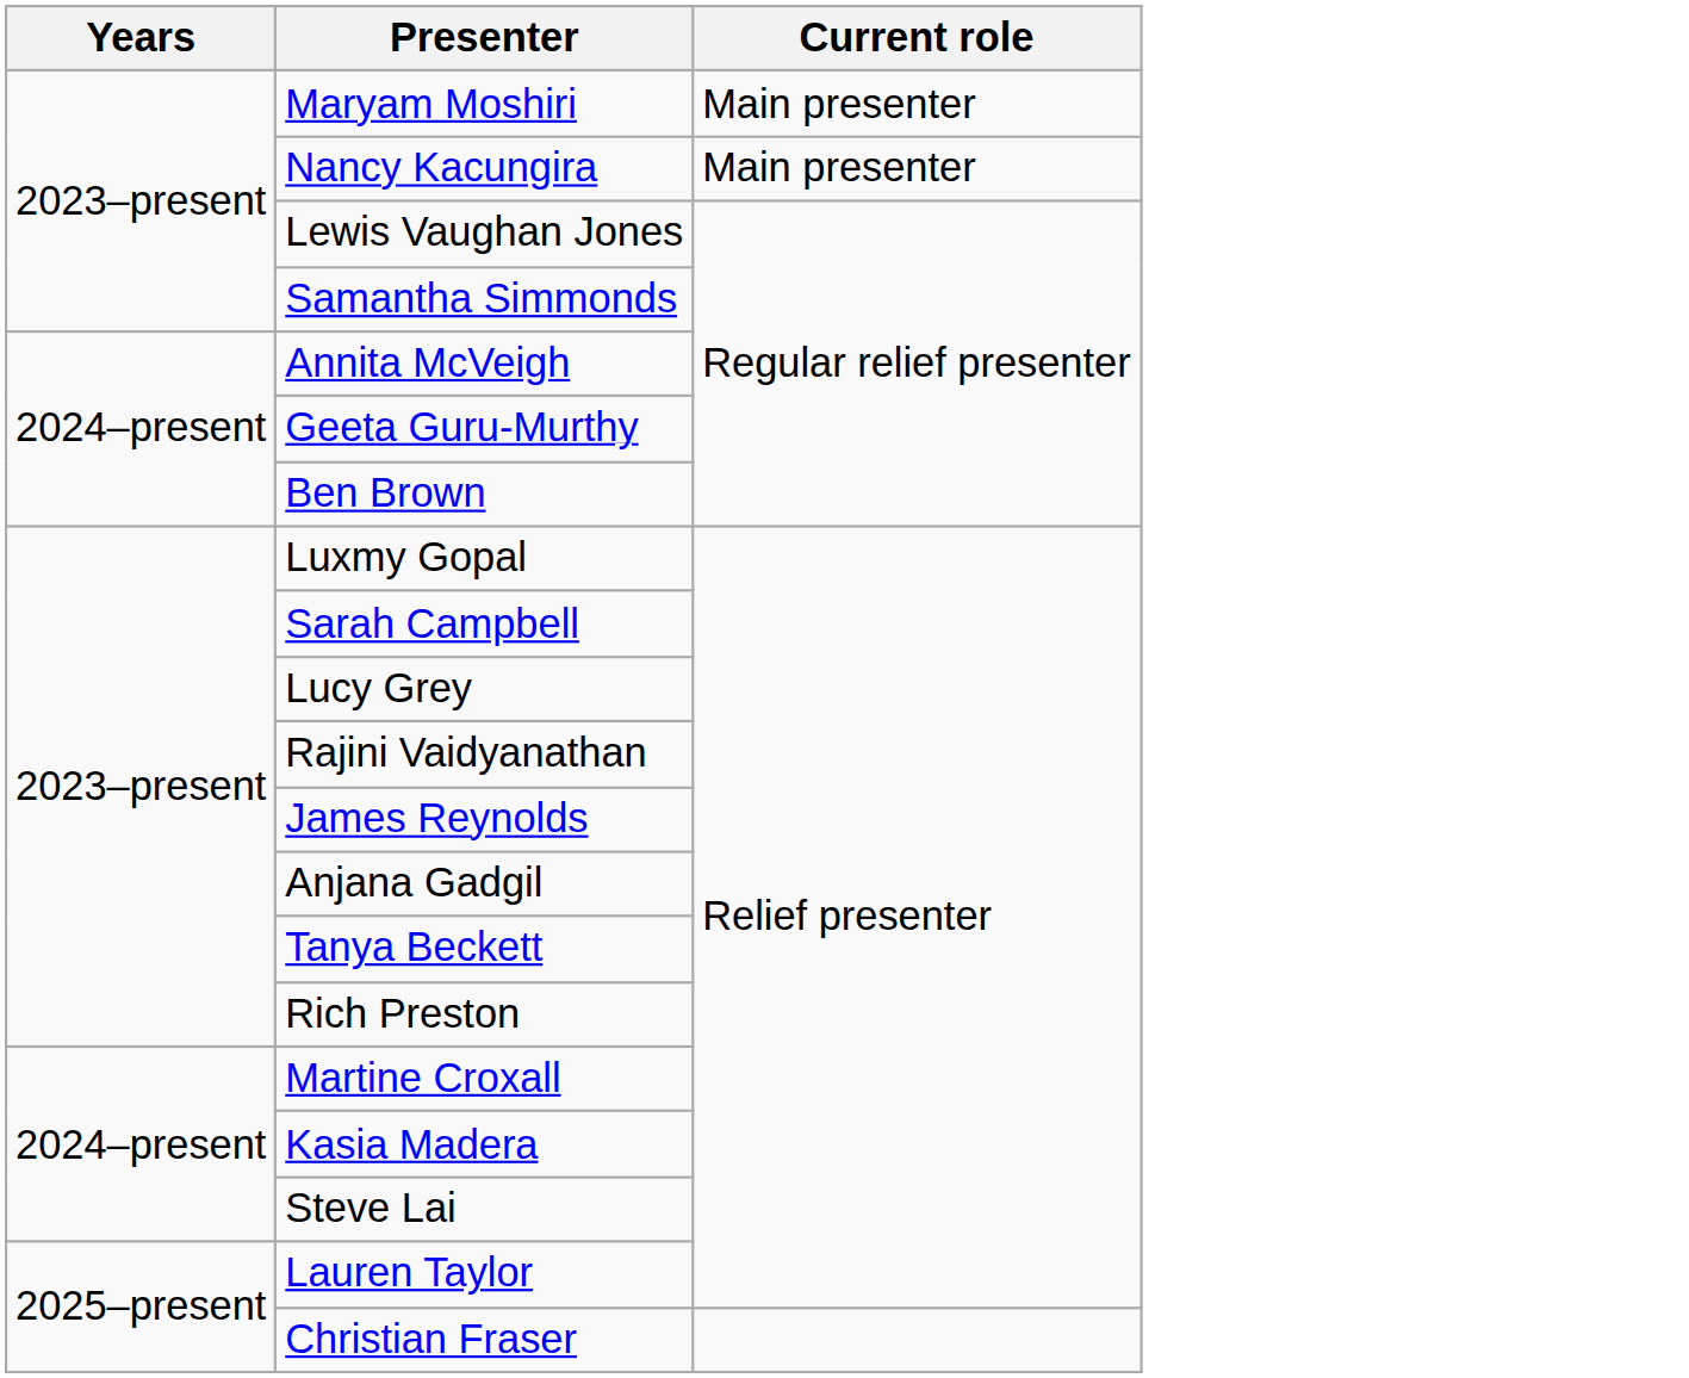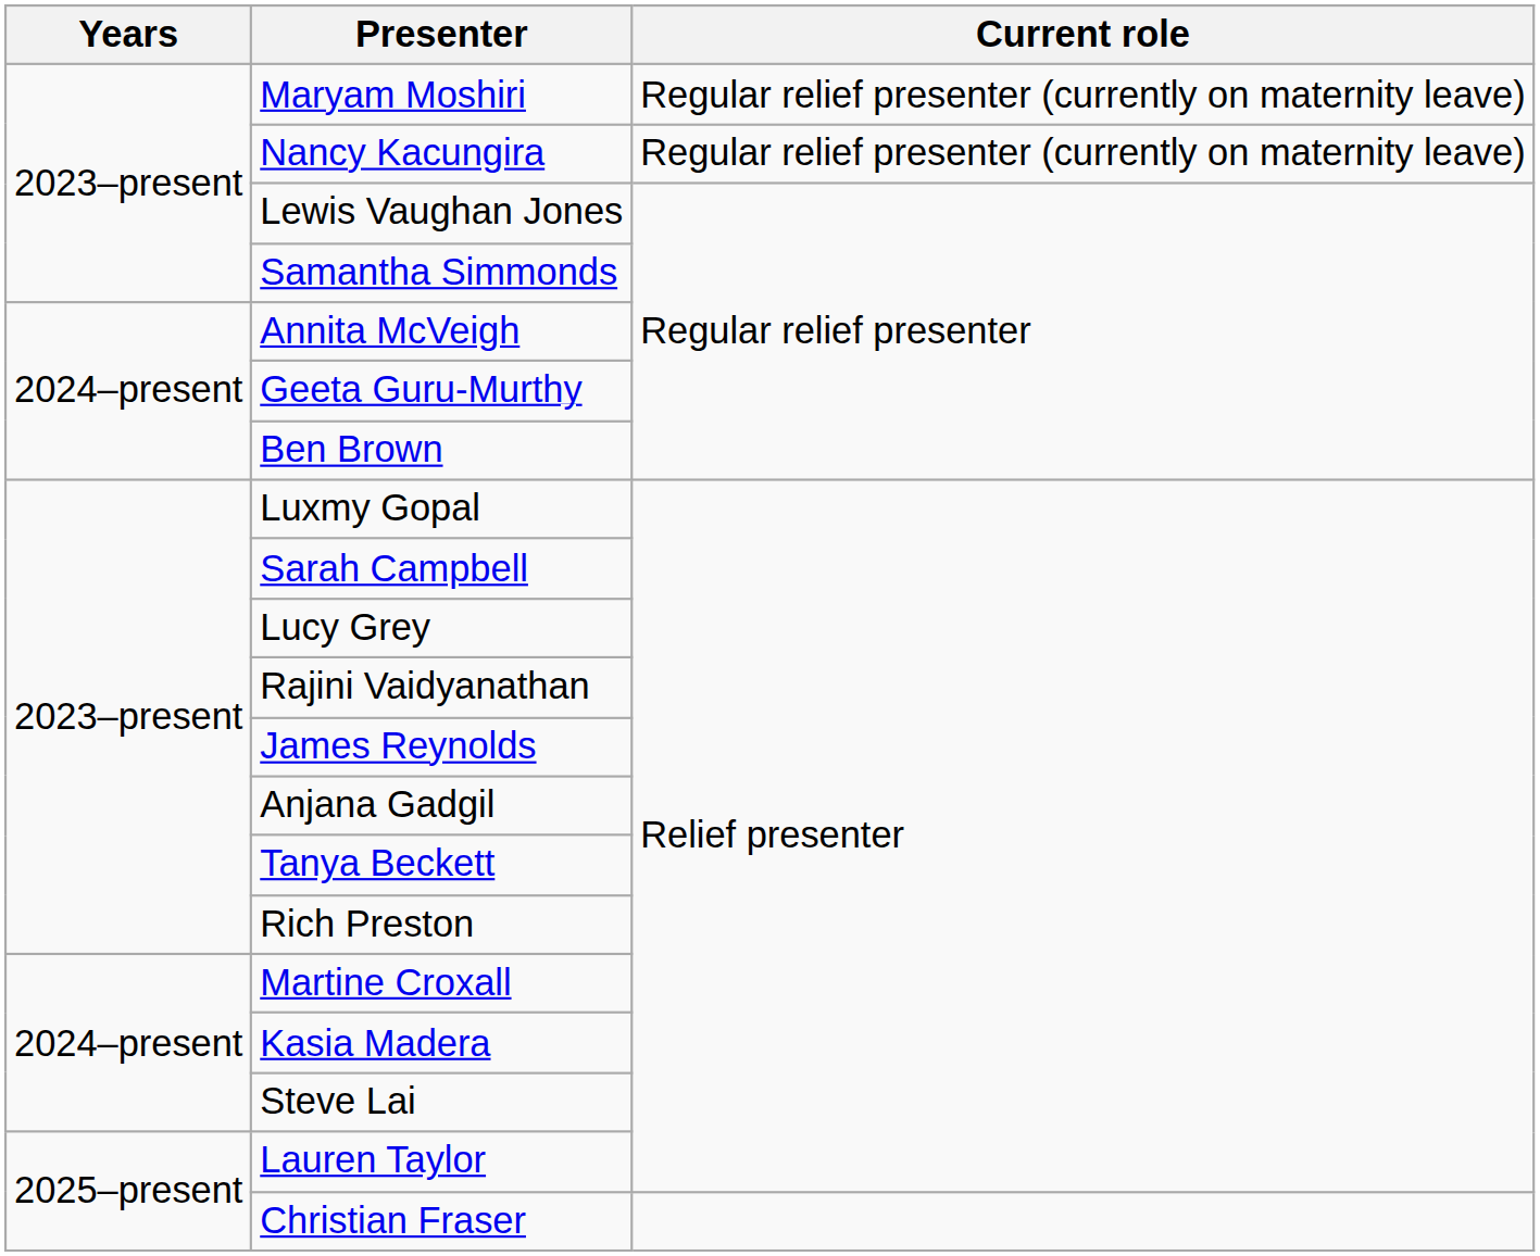 <table class="wikitable">
 <tr>
 <th>Years</th>
 <th>Presenter</th>
 <th>Current role</th>
 </tr>
 <tr>
 <td rowspan = "4">2023–present</td>
 <td><a href='#'>Maryam Moshiri</a></td>
-<td>Main presenter</td>
+<td>Regular relief presenter (currently on maternity leave)</td>
 </tr>
 <tr>
 <td><a href='#'>Nancy Kacungira</a></td>
-<td>Main presenter</td>
+<td>Regular relief presenter (currently on maternity leave)</td>
 </tr>
 <tr>
 <td>Lewis Vaughan Jones</td>
 <td rowspan="5">Regular relief presenter</td>
 </tr>
 <tr>
 <td><a href='#'>Samantha Simmonds</a></td>
 </tr>
 <tr>
 <td rowspan = "3">2024–present</td>
 <td><a href='#'>Annita McVeigh</a></td>
 </tr>
 <tr>
 <td><a href='#'>Geeta Guru-Murthy</a></td>
 </tr>
 <tr>
 <td><a href='#'>Ben Brown</a></td>
 </tr>
 <tr>
 <td rowspan = "8">2023–present</td>
 <td>Luxmy Gopal</td>
 <td rowspan="12”">Relief presenter</td>
 </tr>
 <tr>
 <td><a href='#'>Sarah Campbell</a></td>
 </tr>
 <tr>
 <td>Lucy Grey</td>
 </tr>
 <tr>
 <td>Rajini Vaidyanathan</td>
 </tr>
 <tr>
 <td><a href='#'>James Reynolds</a></td>
 </tr>
 <tr>
 <td>Anjana Gadgil</td>
 </tr>
 <tr>
 <td><a href='#'>Tanya Beckett</a></td>
 </tr>
 <tr>
 <td>Rich Preston</td>
 </tr>
 <tr>
 <td rowspan = "3">2024–present</td>
 <td><a href='#'>Martine Croxall</a></td>
 </tr>
 <tr>
 <td><a href='#'>Kasia Madera</a></td>
 </tr>
 <tr>
 <td>Steve Lai</td>
 </tr>
 <tr>
 <td rowspan = "2">2025–present</td>
 <td><a href='#'>Lauren Taylor</a></td>
 </tr>
 <tr>
 <td><a href='#'>Christian Fraser</a></td>
 </tr>
 </table>
